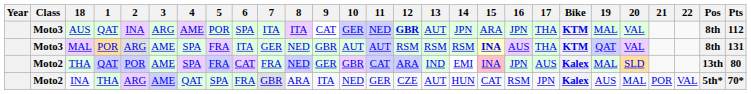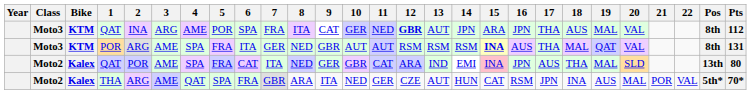 <table class="wikitable" style="text-align:center;">
 <tr>
 <th>Year</th>
 <th>Class</th>
-<th>18</th>
+<th>Bike</th>
 <th>1</th>
 <th>2</th>
 <th>3</th>
 <th>4</th>
 <th>5</th>
 <th>6</th>
 <th>7</th>
 <th>8</th>
 <th>9</th>
 <th>10</th>
 <th>11</th>
 <th>12</th>
 <th>13</th>
 <th>14</th>
 <th>15</th>
 <th>16</th>
 <th>17</th>
-<th>Bike</th>
+<th>18</th>
 <th>19</th>
 <th>20</th>
 <th>21</th>
 <th>22</th>
 <th>Pos</th>
 <th>Pts</th>
 </tr>
 <tr>
 <th></th>
 <th>Moto3</th>
-<td style="background:#DFFFDF;"><a href='#'>AUS</a><br></td>
+<th><a href='#'>KTM</a></th>
 <td style="background:#DFFFDF;"><a href='#'>QAT</a><br></td>
 <td style="background:#EFCFFF;"><a href='#'>INA</a><br></td>
 <td style="background:#DFFFDF;"><a href='#'>ARG</a><br></td>
 <td style="background:#EFCFFF;"><a href='#'>AME</a><br></td>
 <td style="background:#DFFFDF;"><a href='#'>POR</a><br></td>
 <td style="background:#DFFFDF;"><a href='#'>SPA</a><br></td>
-<td style="background:#dfffdf;"><a href='#'>ITA</a><br></td>
+<td style="background:#DFFFDF;"><a href='#'>FRA</a><br></td>
 <td style="background:#EFCFFF;"><a href='#'>ITA</a><br></td>
 <td style="background:#FFFFFF;"><a href='#'>CAT</a><br></td>
 <td style="background:#CFCFFF;"><a href='#'>GER</a><br></td>
 <td style="background:#CFCFFF;"><a href='#'>NED</a><br></td>
 <td style="background:#DFFFDF;"><strong><a href='#'>GBR</a></strong><br></td>
 <td style="background:#DFFFDF;"><a href='#'>AUT</a><br></td>
 <td style="background:#dfffdf;"><a href='#'>JPN</a><br></td>
 <td style="background:#DFFFDF;"><a href='#'>ARA</a><br></td>
 <td style="background:#DFFFDF;"><a href='#'>JPN</a><br></td>
 <td style="background:#DFFFDF;"><a href='#'>THA</a><br></td>
-<th><a href='#'>KTM</a></th>
+<td style="background:#DFFFDF;"><a href='#'>AUS</a><br></td>
 <td style="background:#DFFFDF;"><a href='#'>MAL</a><br></td>
 <td style="background:#DFFFDF;"><a href='#'>VAL</a><br></td>
 <td></td>
 <td></td>
 <th>8th</th>
 <th>112</th>
 </tr>
 <tr>
 <th></th>
 <th>Moto3</th>
-<td style="background:#efcfff;"><a href='#'>MAL</a><br></td>
+<th><a href='#'>KTM</a></th>
 <td style="background:#ffdf9f;"><a href='#'>POR</a><br></td>
 <td style="background:#dfdfdf;"><a href='#'>ARG</a><br></td>
 <td style="background:#dfffdf;"><a href='#'>AME</a><br></td>
 <td style="background:#dfffdf;"><a href='#'>SPA</a><br></td>
 <td style="background:#efcfff;"><a href='#'>FRA</a><br></td>
 <td style="background:#dfffdf;"><a href='#'>ITA</a><br></td>
 <td style="background:#dfffdf;"><a href='#'>GER</a><br></td>
 <td style="background:#dfffdf;"><a href='#'>NED</a><br></td>
 <td style="background:#dfffdf;"><a href='#'>GBR</a><br></td>
 <td style="background:#dfffdf;"><a href='#'>AUT</a><br></td>
 <td style="background:#cfcfff;"><a href='#'>AUT</a><br></td>
 <td style="background:#dfffdf;"><a href='#'>RSM</a><br></td>
 <td style="background:#dfffdf;"><a href='#'>RSM</a><br></td>
 <td style="background:#DFFFDF;"><a href='#'>RSM</a><br></td>
 <td style="background:#ffffbf;"><strong><a href='#'>INA</a></strong><br></td>
 <td style="background:#efcfff;"><a href='#'>AUS</a><br></td>
 <td style="background:#dfffdf;"><a href='#'>THA</a><br></td>
-<th><a href='#'>KTM</a></th>
+<td style="background:#efcfff;"><a href='#'>MAL</a><br></td>
 <td style="background:#cfcfff;"><a href='#'>QAT</a><br></td>
 <td style="background:#efcfff;"><a href='#'>VAL</a><br></td>
 <td></td>
 <td></td>
 <th>8th</th>
 <th>131</th>
 </tr>
 <tr>
 <th></th>
 <th>Moto2</th>
-<td style="background:#dfffdf;"><a href='#'>THA</a><br></td>
+<th><a href='#'>Kalex</a></th>
 <td style="background:#cfcfff;"><a href='#'>QAT</a><br></td>
 <td style="background:#cfcfff;"><a href='#'>POR</a><br></td>
 <td style="background:#dfffdf;"><a href='#'>AME</a><br></td>
 <td style="background:#efcfff;"><a href='#'>SPA</a><br></td>
 <td style="background:#cfcfff;"><a href='#'>FRA</a><br></td>
 <td style="background:#efcfff;"><a href='#'>CAT</a><br></td>
-<td style="background:#DFFFDF;"><a href='#'>FRA</a><br></td>
+<td style="background:#dfffdf;"><a href='#'>ITA</a><br></td>
 <td style="background:#cfcfff;"><a href='#'>NED</a><br></td>
 <td style="background:#dfffdf;"><a href='#'>GER</a><br></td>
 <td style="background:#efcfff;"><a href='#'>GBR</a><br></td>
 <td style="background:#cfcfff;"><a href='#'>CAT</a><br></td>
 <td style="background:#cfcfff;"><a href='#'>ARA</a><br></td>
 <td style="background:#dfffdf;"><a href='#'>IND</a><br></td>
 <td style="background:#ffffff;"><a href='#'>EMI</a><br></td>
 <td style="background: pink;"><a href='#'>INA</a></td>
 <td style="background:#dfffdf;"><a href='#'>JPN</a><br></td>
 <td style="background:#dfffdf;"><a href='#'>AUS</a><br></td>
-<th><a href='#'>Kalex</a></th>
+<td style="background:#dfffdf;"><a href='#'>THA</a><br></td>
 <td style="background:#dfffdf;"><a href='#'>MAL</a><br></td>
 <td style="background:#ffdf9f;"><a href='#'>SLD</a><br></td>
 <td></td>
 <td></td>
 <th>13th</th>
 <th>80</th>
 </tr>
 <tr>
 <th></th>
 <th>Moto2</th>
-<td style="background:#;"><a href='#'>INA</a><br></td>
+<th><a href='#'>Kalex</a></th>
 <td style="background:#DFFFDF;"><a href='#'>THA</a><br></td>
 <td style="background:#EFCFFF;"><a href='#'>ARG</a><br></td>
 <td style="background:#CFCFFF;"><a href='#'>AME</a><br></td>
 <td style="background:#DFFFDF;"><a href='#'>QAT</a><br></td>
 <td style="background:#DFFFDF;"><a href='#'>SPA</a><br></td>
 <td style="background:#DFFFDF;"><a href='#'>FRA</a><br></td>
 <td style="background:#DFDFDF;"><a href='#'>GBR</a><br></td>
 <td style="background:#;"><a href='#'>ARA</a><br></td>
 <td style="background:#;"><a href='#'>ITA</a><br></td>
 <td style="background:#;"><a href='#'>NED</a><br></td>
 <td style="background:#;"><a href='#'>GER</a><br></td>
 <td style="background:#;"><a href='#'>CZE</a><br></td>
 <td style="background:#;"><a href='#'>AUT</a><br></td>
 <td style="background:#;"><a href='#'>HUN</a><br></td>
 <td style="background:#;"><a href='#'>CAT</a><br></td>
 <td style="background:#;"><a href='#'>RSM</a><br></td>
 <td style="background:#;"><a href='#'>JPN</a><br></td>
-<th><a href='#'>Kalex</a></th>
+<td style="background:#;"><a href='#'>INA</a><br></td>
 <td style="background:#;"><a href='#'>AUS</a><br></td>
 <td style="background:#;"><a href='#'>MAL</a><br></td>
 <td style="background:#;"><a href='#'>POR</a><br></td>
 <td style="background:#;"><a href='#'>VAL</a><br></td>
 <th>5th*</th>
 <th>70*</th>
 </tr>
 </table>
